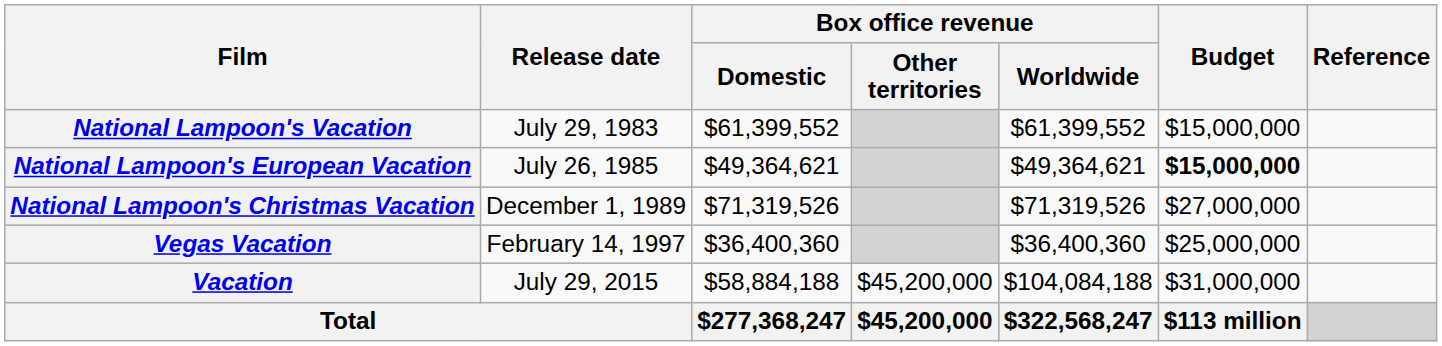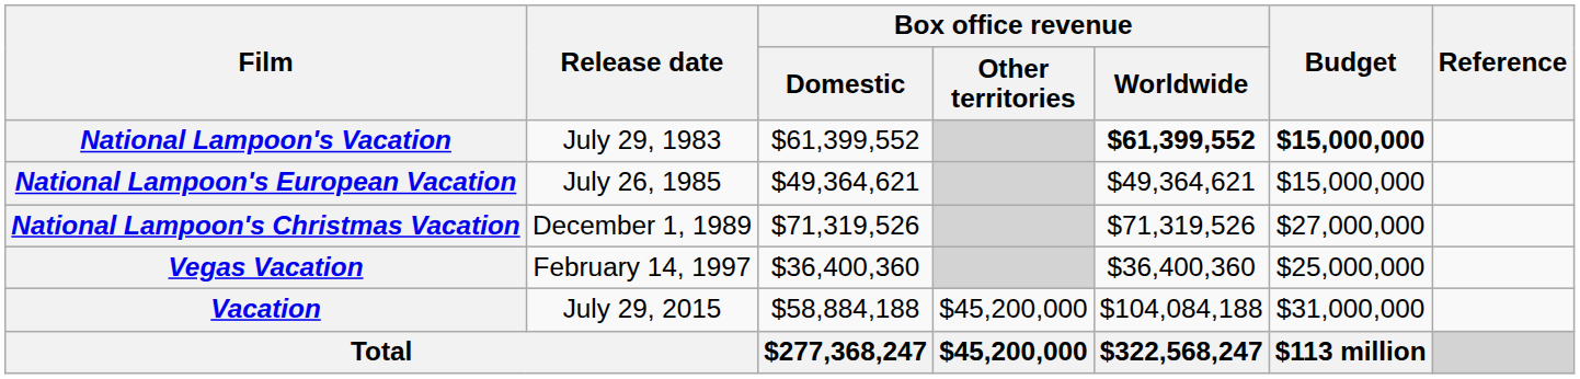 <table class="wikitable plainrowheaders" style="text-align:center;">
 <tr>
 <th rowspan="2">Film</th>
 <th rowspan="2">Release date</th>
 <th colspan="3">Box office revenue</th>
 <th rowspan="2">Budget</th>
 <th rowspan="2">Reference</th>
 </tr>
 <tr>
 <th>Domestic</th>
 <th>Other <br>territories</th>
 <th>Worldwide</th>
 </tr>
 <tr>
 <th scope="row"><em><a href='#'>National Lampoon's Vacation</a></em></th>
 <td>July 29, 1983</td>
 <td>$61,399,552</td>
 <td style="background:lightgrey;"></td>
-<td>$61,399,552</td>
-<td>$15,000,000</td>
+<td><strong>$61,399,552</strong></td>
+<td><strong>$15,000,000</strong></td>
 <td></td>
 </tr>
 <tr>
 <th scope="row"><em><a href='#'>National Lampoon's European Vacation</a></em></th>
 <td>July 26, 1985</td>
 <td>$49,364,621</td>
 <td style="background:lightgrey;"></td>
 <td>$49,364,621</td>
-<td><strong>$15,000,000</strong></td>
+<td>$15,000,000</td>
 <td></td>
 </tr>
 <tr>
 <th scope="row"><em><a href='#'>National Lampoon's Christmas Vacation</a></em></th>
 <td>December 1, 1989</td>
 <td>$71,319,526</td>
 <td style="background:lightgrey;"></td>
 <td>$71,319,526</td>
 <td>$27,000,000</td>
 <td></td>
 </tr>
 <tr>
 <th scope="row"><em><a href='#'>Vegas Vacation</a></em></th>
 <td>February 14, 1997</td>
 <td>$36,400,360</td>
 <td style="background:lightgrey;"></td>
 <td>$36,400,360</td>
 <td>$25,000,000</td>
 <td></td>
 </tr>
 <tr>
 <th scope="row"><em><a href='#'>Vacation</a></em></th>
 <td>July 29, 2015</td>
 <td>$58,884,188</td>
 <td>$45,200,000</td>
 <td>$104,084,188</td>
 <td>$31,000,000</td>
 <td></td>
 </tr>
 <tr>
 <th colspan="2"><strong>Total</strong></th>
 <th>$277,368,247</th>
 <th>$45,200,000</th>
 <th>$322,568,247</th>
 <th>$113 million</th>
 <th style="background:lightgrey;"></th>
 </tr>
 </table>
